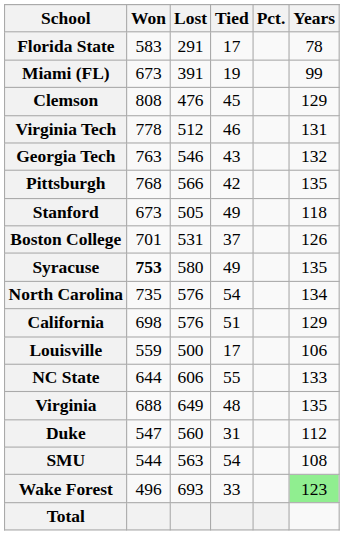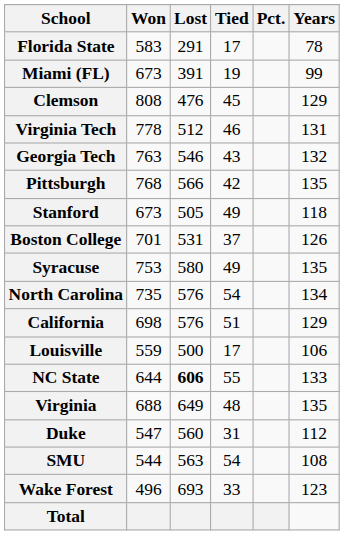 <table class="wikitable sortable plainrowheaders" style="text-align:center;">
 <tr>
 </tr>
 <tr>
 <th scope="col">School</th>
 <th scope="col">Won</th>
 <th scope="col">Lost</th>
 <th scope="col">Tied</th>
 <th scope="col">Pct.</th>
 <th scope="col">Years</th>
 </tr>
 <tr>
 <th scope="row">Florida State</th>
 <td>583</td>
 <td>291</td>
 <td>17</td>
 <td></td>
 <td>78</td>
 </tr>
 <tr>
 <th scope="row">Miami (FL)</th>
 <td>673</td>
 <td>391</td>
 <td>19</td>
 <td></td>
 <td>99</td>
 </tr>
 <tr>
 <th scope="row">Clemson</th>
 <td>808</td>
 <td>476</td>
 <td>45</td>
 <td></td>
 <td>129</td>
 </tr>
 <tr>
 <th scope="row">Virginia Tech</th>
 <td>778</td>
 <td>512</td>
 <td>46</td>
 <td></td>
 <td>131</td>
 </tr>
 <tr>
 <th scope="row">Georgia Tech</th>
 <td>763</td>
 <td>546</td>
 <td>43</td>
 <td></td>
 <td>132</td>
 </tr>
 <tr>
 <th scope="row">Pittsburgh</th>
 <td>768</td>
 <td>566</td>
 <td>42</td>
 <td></td>
 <td>135</td>
 </tr>
 <tr>
 <th scope="row">Stanford</th>
 <td>673</td>
 <td>505</td>
 <td>49</td>
 <td></td>
 <td>118</td>
 </tr>
 <tr>
 <th scope="row">Boston College</th>
 <td>701</td>
 <td>531</td>
 <td>37</td>
 <td></td>
 <td>126</td>
 </tr>
 <tr>
 <th scope="row">Syracuse</th>
-<td><strong>753</strong></td>
+<td>753</td>
 <td>580</td>
 <td>49</td>
 <td></td>
 <td>135</td>
 </tr>
 <tr>
 <th scope="row">North Carolina</th>
 <td>735</td>
 <td>576</td>
 <td>54</td>
 <td></td>
 <td>134</td>
 </tr>
 <tr>
 <th scope="row">California</th>
 <td>698</td>
 <td>576</td>
 <td>51</td>
 <td></td>
 <td>129</td>
 </tr>
 <tr>
 <th scope="row">Louisville</th>
 <td>559</td>
 <td>500</td>
 <td>17</td>
 <td></td>
 <td>106</td>
 </tr>
 <tr>
 <th scope="row">NC State</th>
 <td>644</td>
-<td>606</td>
+<td><strong>606</strong></td>
 <td>55</td>
 <td></td>
 <td>133</td>
 </tr>
 <tr>
 <th scope="row">Virginia</th>
 <td>688</td>
 <td>649</td>
 <td>48</td>
 <td></td>
 <td>135</td>
 </tr>
 <tr>
 <th scope="row">Duke</th>
 <td>547</td>
 <td>560</td>
 <td>31</td>
 <td></td>
 <td>112</td>
 </tr>
 <tr>
 <th scope="row">SMU</th>
 <td>544</td>
 <td>563</td>
 <td>54</td>
 <td></td>
 <td>108</td>
 </tr>
 <tr>
 <th scope="row">Wake Forest</th>
 <td>496</td>
 <td>693</td>
 <td>33</td>
 <td></td>
-<td style="background: lightgreen;">123</td>
+<td>123</td>
 </tr>
 <tr>
 <th scope="row" style="font-weight: bold;">Total</th>
 <th scope="col"></th>
 <th scope="col"></th>
 <th scope="col"></th>
 <th scope="col"></th>
 </tr>
 </table>
